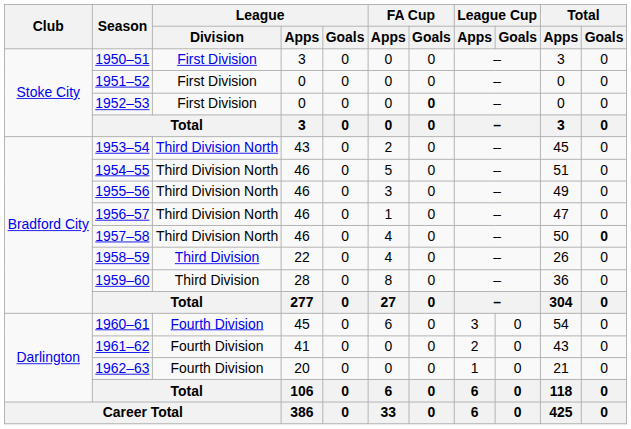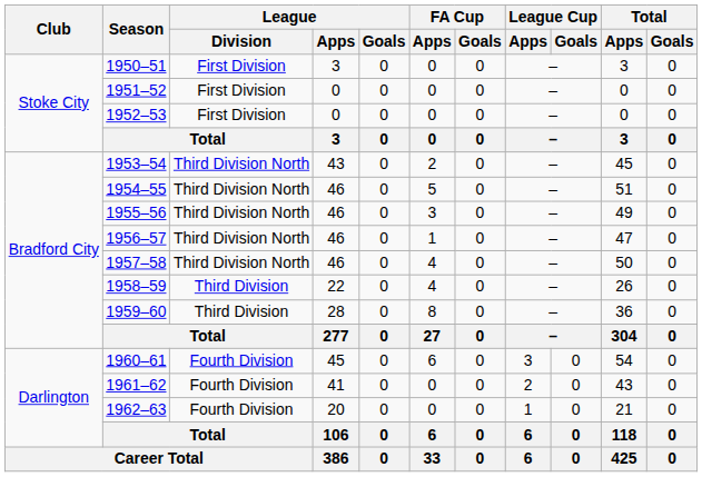 <table class="wikitable" style="text-align: center;">
 <tr>
 <th rowspan="2">Club</th>
 <th rowspan="2">Season</th>
 <th colspan="3">League</th>
 <th colspan="2">FA Cup</th>
 <th colspan="2">League Cup</th>
 <th colspan="2">Total</th>
 </tr>
 <tr>
 <th>Division</th>
 <th>Apps</th>
 <th>Goals</th>
 <th>Apps</th>
 <th>Goals</th>
 <th>Apps</th>
 <th>Goals</th>
 <th>Apps</th>
 <th>Goals</th>
 </tr>
 <tr>
 <td rowspan="4"><a href='#'>Stoke City</a></td>
 <td><a href='#'>1950–51</a></td>
 <td><a href='#'>First Division</a></td>
 <td>3</td>
 <td>0</td>
 <td>0</td>
 <td>0</td>
 <td colspan="2">–</td>
 <td>3</td>
 <td>0</td>
 </tr>
 <tr>
 <td><a href='#'>1951–52</a></td>
 <td>First Division</td>
 <td>0</td>
 <td>0</td>
 <td>0</td>
 <td>0</td>
 <td colspan="2">–</td>
 <td>0</td>
 <td>0</td>
 </tr>
 <tr>
 <td><a href='#'>1952–53</a></td>
 <td>First Division</td>
 <td>0</td>
 <td>0</td>
 <td>0</td>
-<td><strong>0</strong></td>
+<td>0</td>
 <td colspan="2">–</td>
 <td>0</td>
 <td>0</td>
 </tr>
 <tr>
 <th colspan=2>Total</th>
 <th>3</th>
 <th>0</th>
 <th>0</th>
 <th>0</th>
 <th colspan="2">–</th>
 <th>3</th>
 <th>0</th>
 </tr>
 <tr>
 <td rowspan="8"><a href='#'>Bradford City</a></td>
 <td><a href='#'>1953–54</a></td>
 <td><a href='#'>Third Division North</a></td>
 <td>43</td>
 <td>0</td>
 <td>2</td>
 <td>0</td>
 <td colspan="2">–</td>
 <td>45</td>
 <td>0</td>
 </tr>
 <tr>
 <td><a href='#'>1954–55</a></td>
 <td>Third Division North</td>
 <td>46</td>
 <td>0</td>
 <td>5</td>
 <td>0</td>
 <td colspan="2">–</td>
 <td>51</td>
 <td>0</td>
 </tr>
 <tr>
 <td><a href='#'>1955–56</a></td>
 <td>Third Division North</td>
 <td>46</td>
 <td>0</td>
 <td>3</td>
 <td>0</td>
 <td colspan="2">–</td>
 <td>49</td>
 <td>0</td>
 </tr>
 <tr>
 <td><a href='#'>1956–57</a></td>
 <td>Third Division North</td>
 <td>46</td>
 <td>0</td>
 <td>1</td>
 <td>0</td>
 <td colspan="2">–</td>
 <td>47</td>
 <td>0</td>
 </tr>
 <tr>
 <td><a href='#'>1957–58</a></td>
 <td>Third Division North</td>
 <td>46</td>
 <td>0</td>
 <td>4</td>
 <td>0</td>
 <td colspan="2">–</td>
 <td>50</td>
-<td><strong>0</strong></td>
+<td>0</td>
 </tr>
 <tr>
 <td><a href='#'>1958–59</a></td>
 <td><a href='#'>Third Division</a></td>
 <td>22</td>
 <td>0</td>
 <td>4</td>
 <td>0</td>
 <td colspan="2">–</td>
 <td>26</td>
 <td>0</td>
 </tr>
 <tr>
 <td><a href='#'>1959–60</a></td>
 <td>Third Division</td>
 <td>28</td>
 <td>0</td>
 <td>8</td>
 <td>0</td>
 <td colspan="2">–</td>
 <td>36</td>
 <td>0</td>
 </tr>
 <tr>
 <th colspan=2>Total</th>
 <th>277</th>
 <th>0</th>
 <th>27</th>
 <th>0</th>
 <th colspan="2">–</th>
 <th>304</th>
 <th>0</th>
 </tr>
 <tr>
 <td rowspan="4"><a href='#'>Darlington</a></td>
 <td><a href='#'>1960–61</a></td>
 <td><a href='#'>Fourth Division</a></td>
 <td>45</td>
 <td>0</td>
 <td>6</td>
 <td>0</td>
 <td>3</td>
 <td>0</td>
 <td>54</td>
 <td>0</td>
 </tr>
 <tr>
 <td><a href='#'>1961–62</a></td>
 <td>Fourth Division</td>
 <td>41</td>
 <td>0</td>
 <td>0</td>
 <td>0</td>
 <td>2</td>
 <td>0</td>
 <td>43</td>
 <td>0</td>
 </tr>
 <tr>
 <td><a href='#'>1962–63</a></td>
 <td>Fourth Division</td>
 <td>20</td>
 <td>0</td>
 <td>0</td>
 <td>0</td>
 <td>1</td>
 <td>0</td>
 <td>21</td>
 <td>0</td>
 </tr>
 <tr>
 <th colspan=2>Total</th>
 <th>106</th>
 <th>0</th>
 <th>6</th>
 <th>0</th>
 <th>6</th>
 <th>0</th>
 <th>118</th>
 <th>0</th>
 </tr>
 <tr>
 <th colspan="3">Career Total</th>
 <th>386</th>
 <th>0</th>
 <th>33</th>
 <th>0</th>
 <th>6</th>
 <th>0</th>
 <th>425</th>
 <th>0</th>
 </tr>
 </table>
